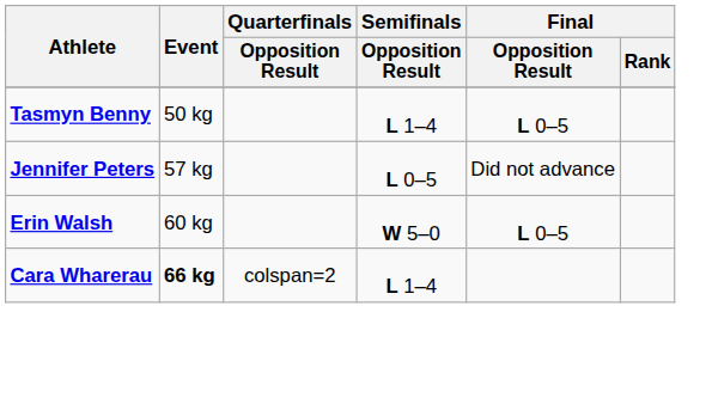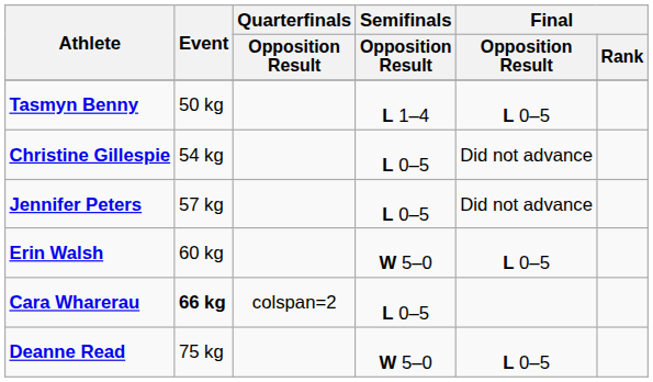 <table class="wikitable" style="font-size:90%;">
 <tr>
 <th rowspan=2>Athlete</th>
 <th rowspan=2>Event</th>
 <th>Quarterfinals</th>
 <th>Semifinals</th>
 <th colspan=2>Final</th>
 </tr>
 <tr style="font-size:95%">
 <th>Opposition<br>Result</th>
 <th>Opposition<br>Result</th>
 <th>Opposition<br>Result</th>
 <th>Rank</th>
 </tr>
 <tr align=center>
 </tr>
 <tr align=center>
 <td align=left><strong><a href='#'>Tasmyn Benny</a> </strong></td>
 <td align=left>50 kg</td>
 <td></td>
 <td><br> <strong>L</strong> 1–4</td>
 <td><br> <strong>L</strong> 0–5</td>
 <td></td>
 </tr>
 <tr align=center>
+<td align=left><strong><a href='#'>Christine Gillespie</a></strong></td>
+<td align=left>54 kg</td>
+<td></td>
+<td><br> <strong>L</strong> 0–5</td>
+<td>Did not advance</td>
+<td></td>
+</tr>
+<tr align=center>
 <td align=left><strong><a href='#'>Jennifer Peters</a></strong></td>
 <td align=left>57 kg</td>
 <td></td>
 <td><br> <strong>L</strong> 0–5</td>
 <td>Did not advance</td>
 <td></td>
 </tr>
 <tr align=center>
 <td align=left><strong><a href='#'>Erin Walsh</a></strong></td>
 <td align=left>60 kg</td>
 <td></td>
 <td><br> <strong>W</strong> 5–0</td>
 <td><br> <strong>L</strong> 0–5</td>
 <td></td>
 </tr>
 <tr align=center>
 <td align=left><strong><a href='#'>Cara Wharerau</a></strong></td>
 <td align=left><strong>66 kg</strong></td>
 <td>colspan=2 </td>
-<td><br> <strong>L</strong> 1–4</td>
+<td><br> <strong>L</strong> 0–5</td>
+<td></td>
+</tr>
+<tr align=center>
+<td align=left><strong><a href='#'>Deanne Read</a> </strong></td>
+<td align=left>75 kg</td>
+<td></td>
+<td><br> <strong>W</strong> 5–0</td>
+<td><br> <strong>L</strong> 0–5</td>
 <td></td>
 </tr>
 </table>
